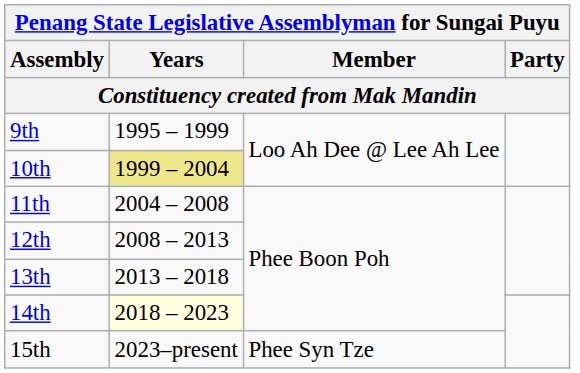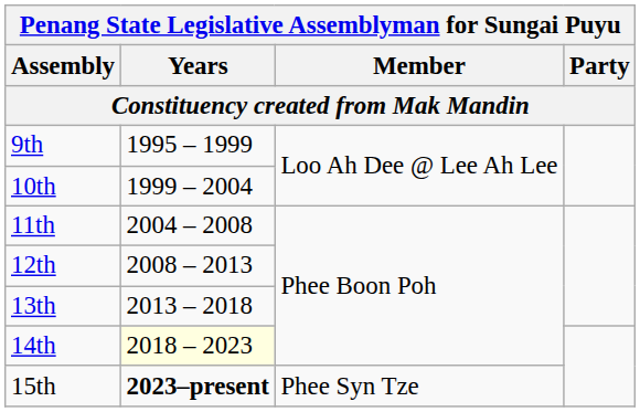 <table class="wikitable">
 <tr>
 <th colspan="4"><a href='#'>Penang State Legislative Assemblyman</a> for Sungai Puyu</th>
 </tr>
 <tr>
 <th>Assembly</th>
 <th>Years</th>
 <th>Member</th>
 <th>Party</th>
 </tr>
 <tr>
 <th colspan="4" align="center"><em>Constituency created from Mak Mandin</em></th>
 </tr>
 <tr>
 <td><a href='#'>9th</a></td>
 <td>1995 – 1999</td>
 <td rowspan="2">Loo Ah Dee @ Lee Ah Lee</td>
 <td rowspan="2"></td>
 </tr>
 <tr>
 <td><a href='#'>10th</a></td>
-<td style="background: khaki;">1999 – 2004</td>
+<td>1999 – 2004</td>
 </tr>
 <tr>
 <td><a href='#'>11th</a></td>
 <td>2004 – 2008</td>
 <td rowspan="4">Phee Boon Poh</td>
 <td rowspan="3"></td>
 </tr>
 <tr>
 <td><a href='#'>12th</a></td>
 <td>2008 – 2013</td>
 </tr>
 <tr>
 <td><a href='#'>13th</a></td>
 <td>2013 – 2018</td>
 </tr>
 <tr>
 <td><a href='#'>14th</a></td>
 <td style="background: lightyellow;">2018 – 2023</td>
 <td rowspan=2></td>
 </tr>
 <tr>
 <td>15th</td>
-<td>2023–present</td>
+<td><strong>2023–present</strong></td>
 <td>Phee Syn Tze</td>
 </tr>
 </table>
